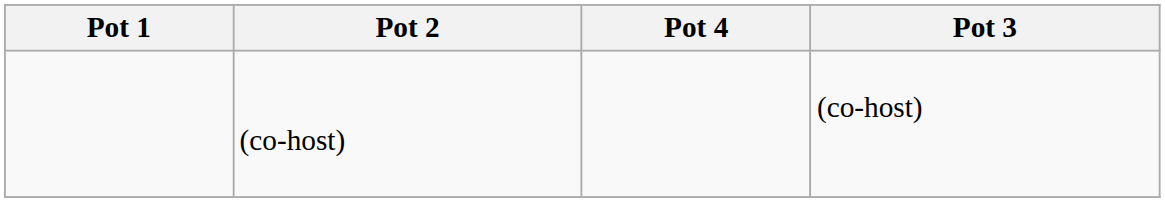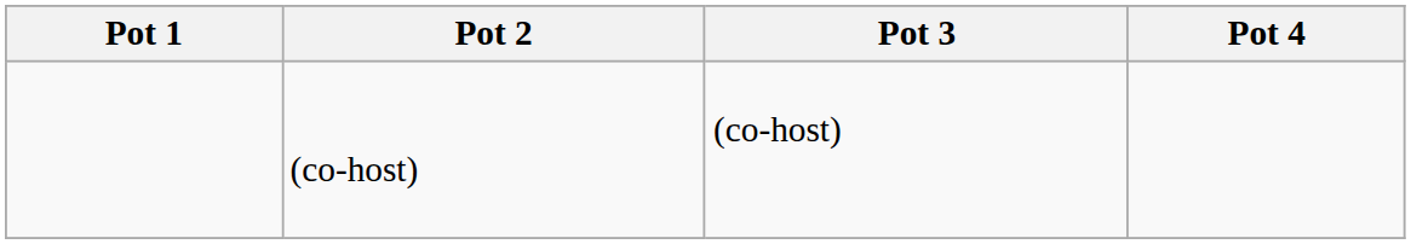 <table class="wikitable" style="width:50%;">
 <tr>
 <th>Pot 1</th>
 <th>Pot 2</th>
+<th>Pot 3</th>
 <th>Pot 4</th>
-<th>Pot 3</th>
 </tr>
 <tr>
 <td><br><br> <br> <br> </td>
 <td><br><br>  (co-host)<br> <br> </td>
+<td><br> (co-host)<br> <br> <br> </td>
 <td><br><br> <br> <br> </td>
-<td><br> (co-host)<br> <br> <br> </td>
 </tr>
 </table>
